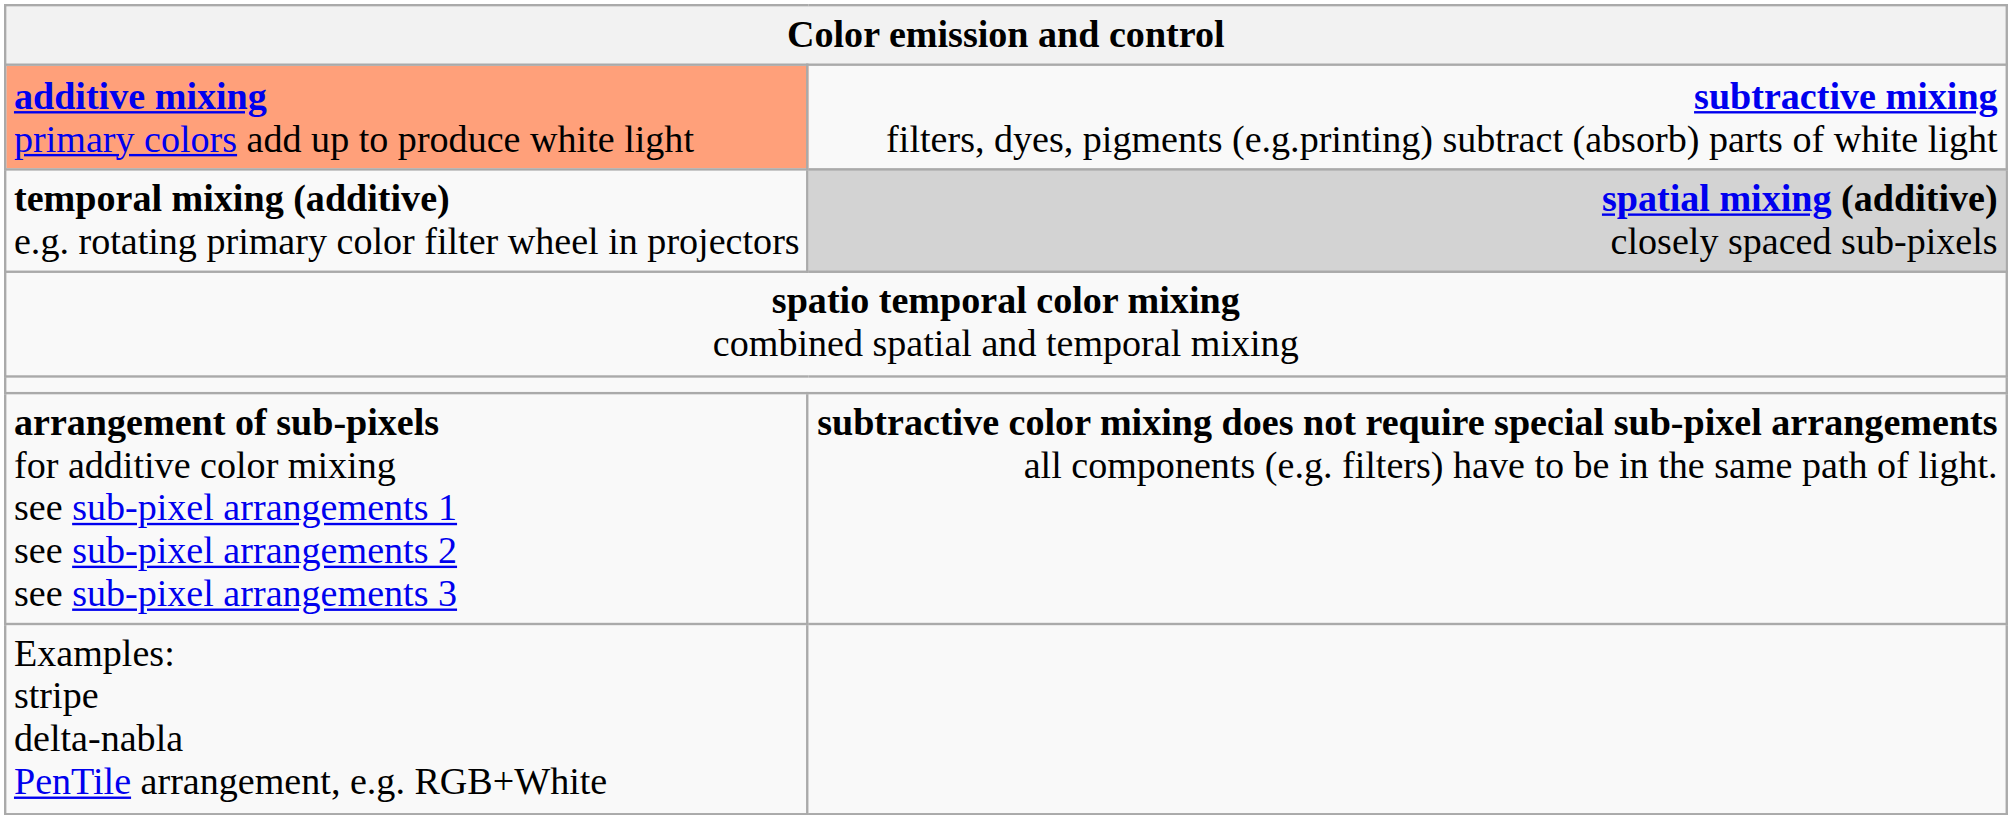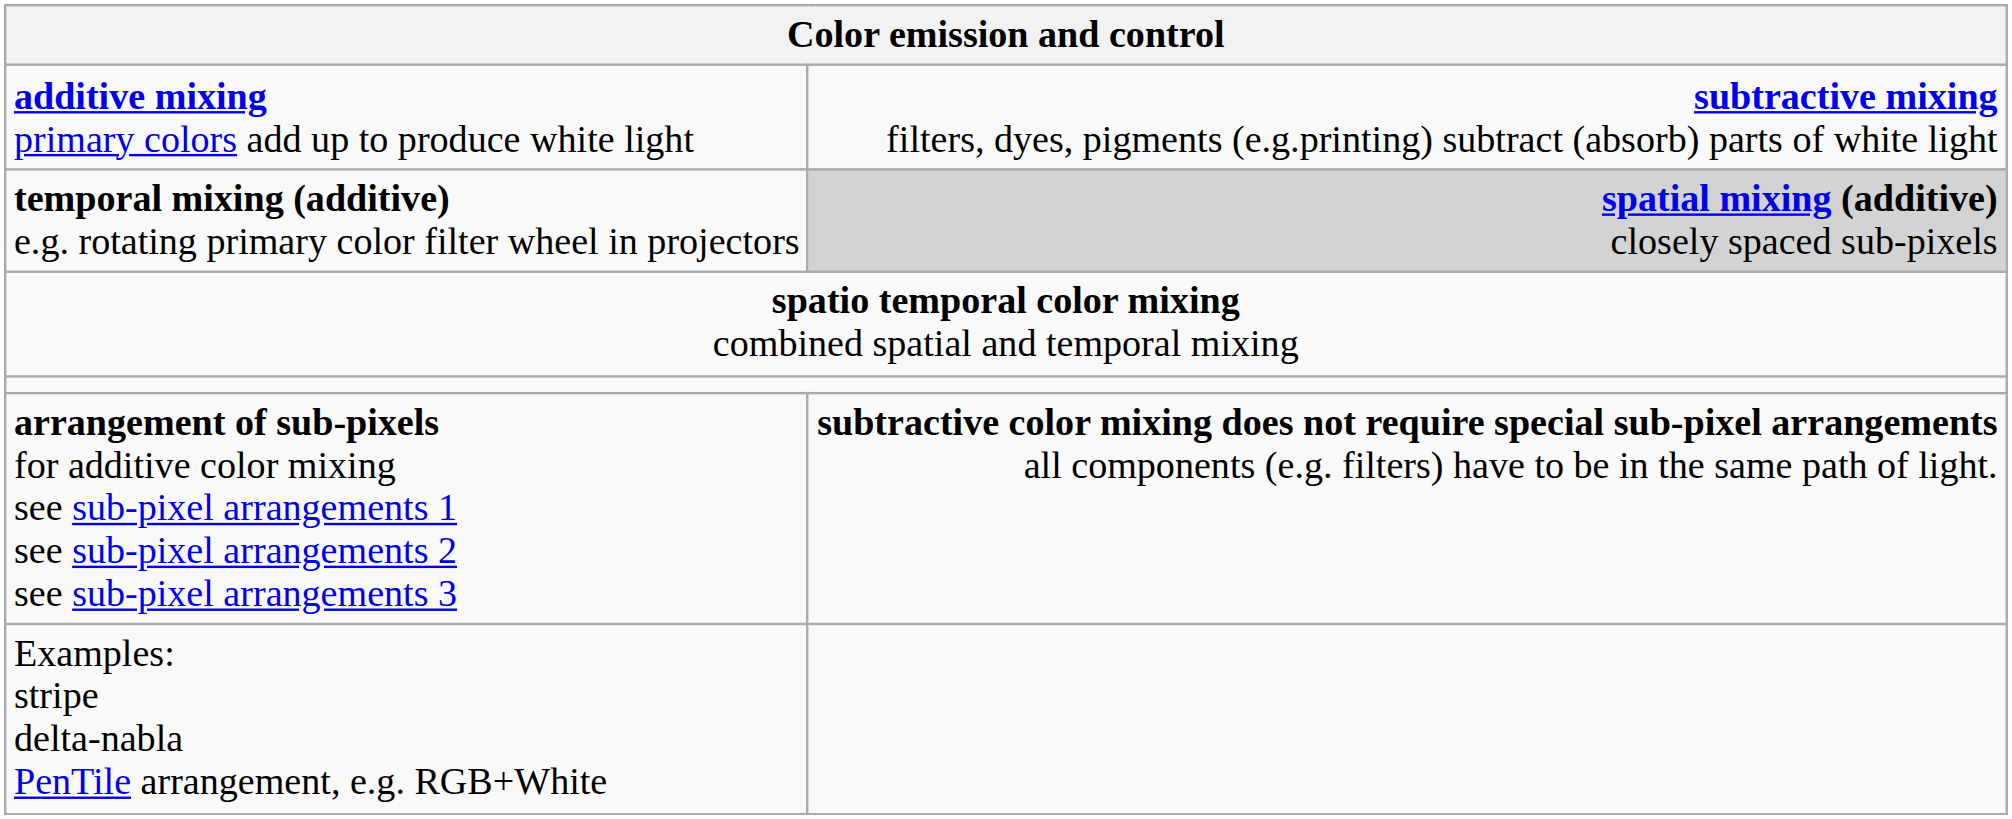 <table class="wikitable">
 <tr>
 <th colspan="2" align="center">Color emission and control</th>
 </tr>
 <tr>
-<td style="background: lightsalmon;"><strong><a href='#'>additive mixing</a></strong><br><a href='#'>primary colors</a> add up to produce white light</td>
+<td><strong><a href='#'>additive mixing</a></strong><br><a href='#'>primary colors</a> add up to produce white light</td>
 <td align="right"><strong><a href='#'>subtractive mixing</a></strong><br>filters, dyes, pigments (e.g.printing) subtract (absorb) parts of white light</td>
 </tr>
 <tr>
 <td><strong>temporal mixing (additive)</strong><br>e.g. rotating primary color filter wheel in projectors</td>
 <td align="right" style="background: lightgrey;"><strong><a href='#'>spatial mixing</a> (additive)</strong><br>closely spaced sub-pixels</td>
 </tr>
 <tr>
 <td colspan="2" align="center"><strong>spatio temporal color mixing</strong><br>combined spatial and temporal mixing</td>
 </tr>
 <tr>
 <td colspan="2"></td>
 </tr>
 <tr>
 <td><strong>arrangement of sub-pixels</strong><br>for additive color mixing<br>see <a href='#'>sub-pixel arrangements 1</a><br>see <a href='#'>sub-pixel arrangements 2</a><br>see <a href='#'>sub-pixel arrangements 3</a></td>
 <td valign="top" align="right"><strong>subtractive color mixing does not require special sub-pixel arrangements</strong><br>all components (e.g. filters) have to be in the same path of light.</td>
 </tr>
 <tr>
 <td>Examples:<br>stripe<br>delta-nabla<br><a href='#'>PenTile</a> arrangement, e.g. RGB+White</td>
 <td></td>
 </tr>
 <tr>
 </tr>
 </table>
